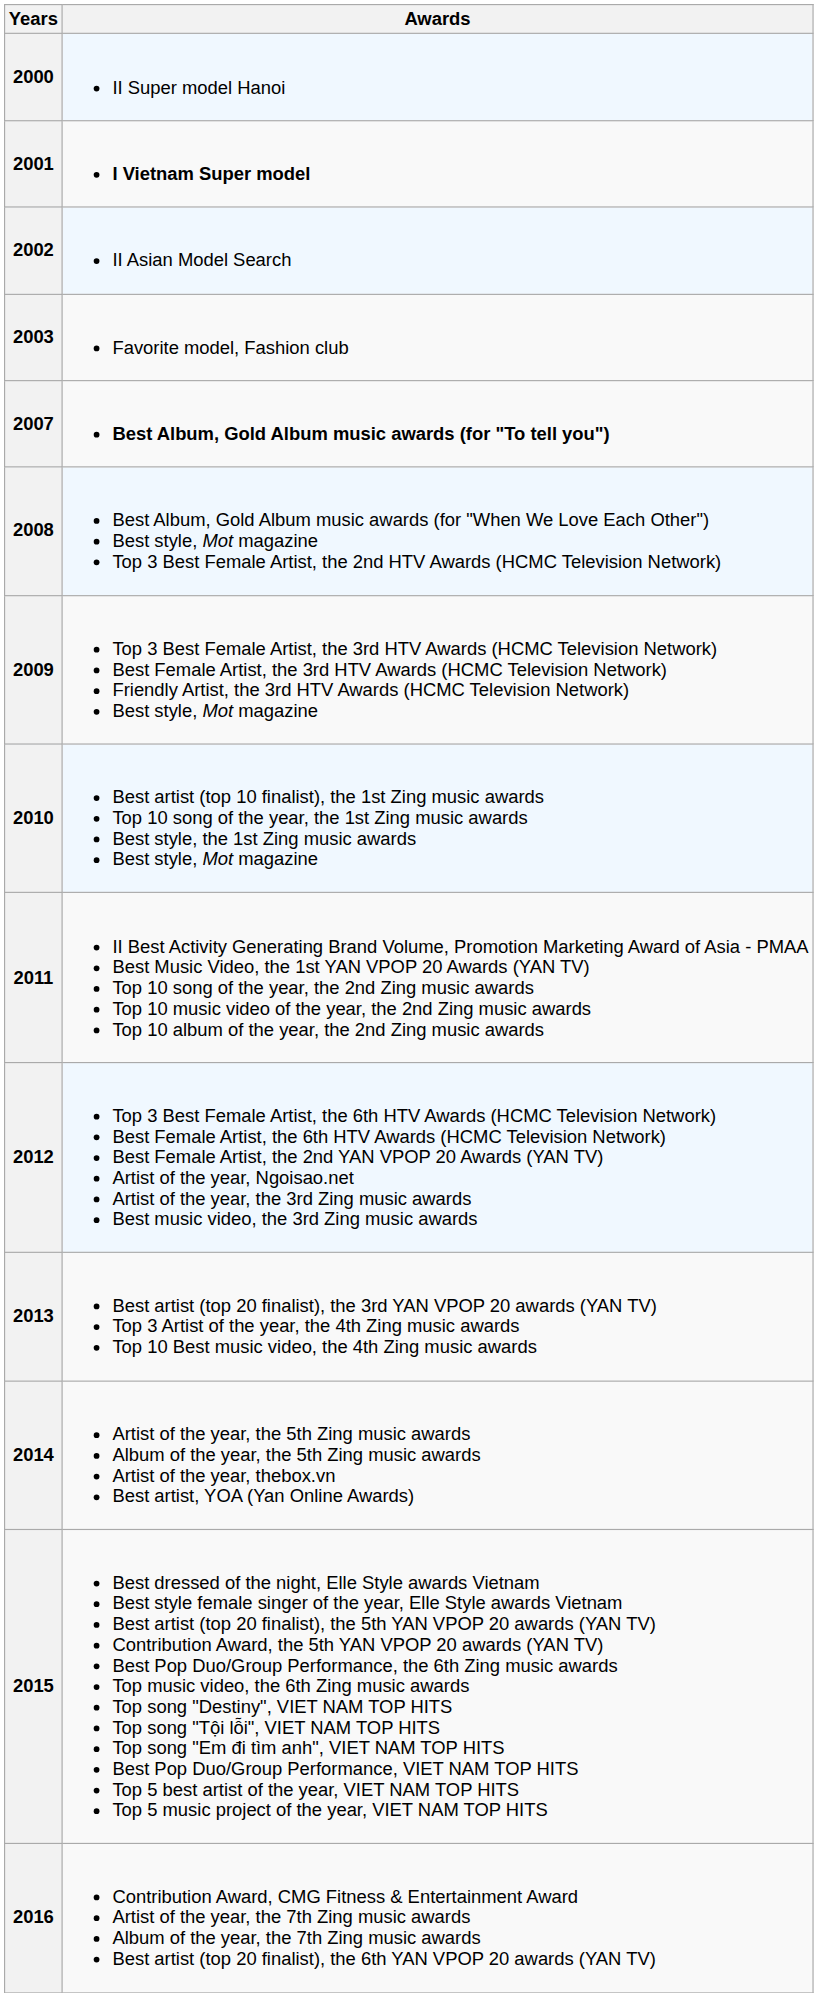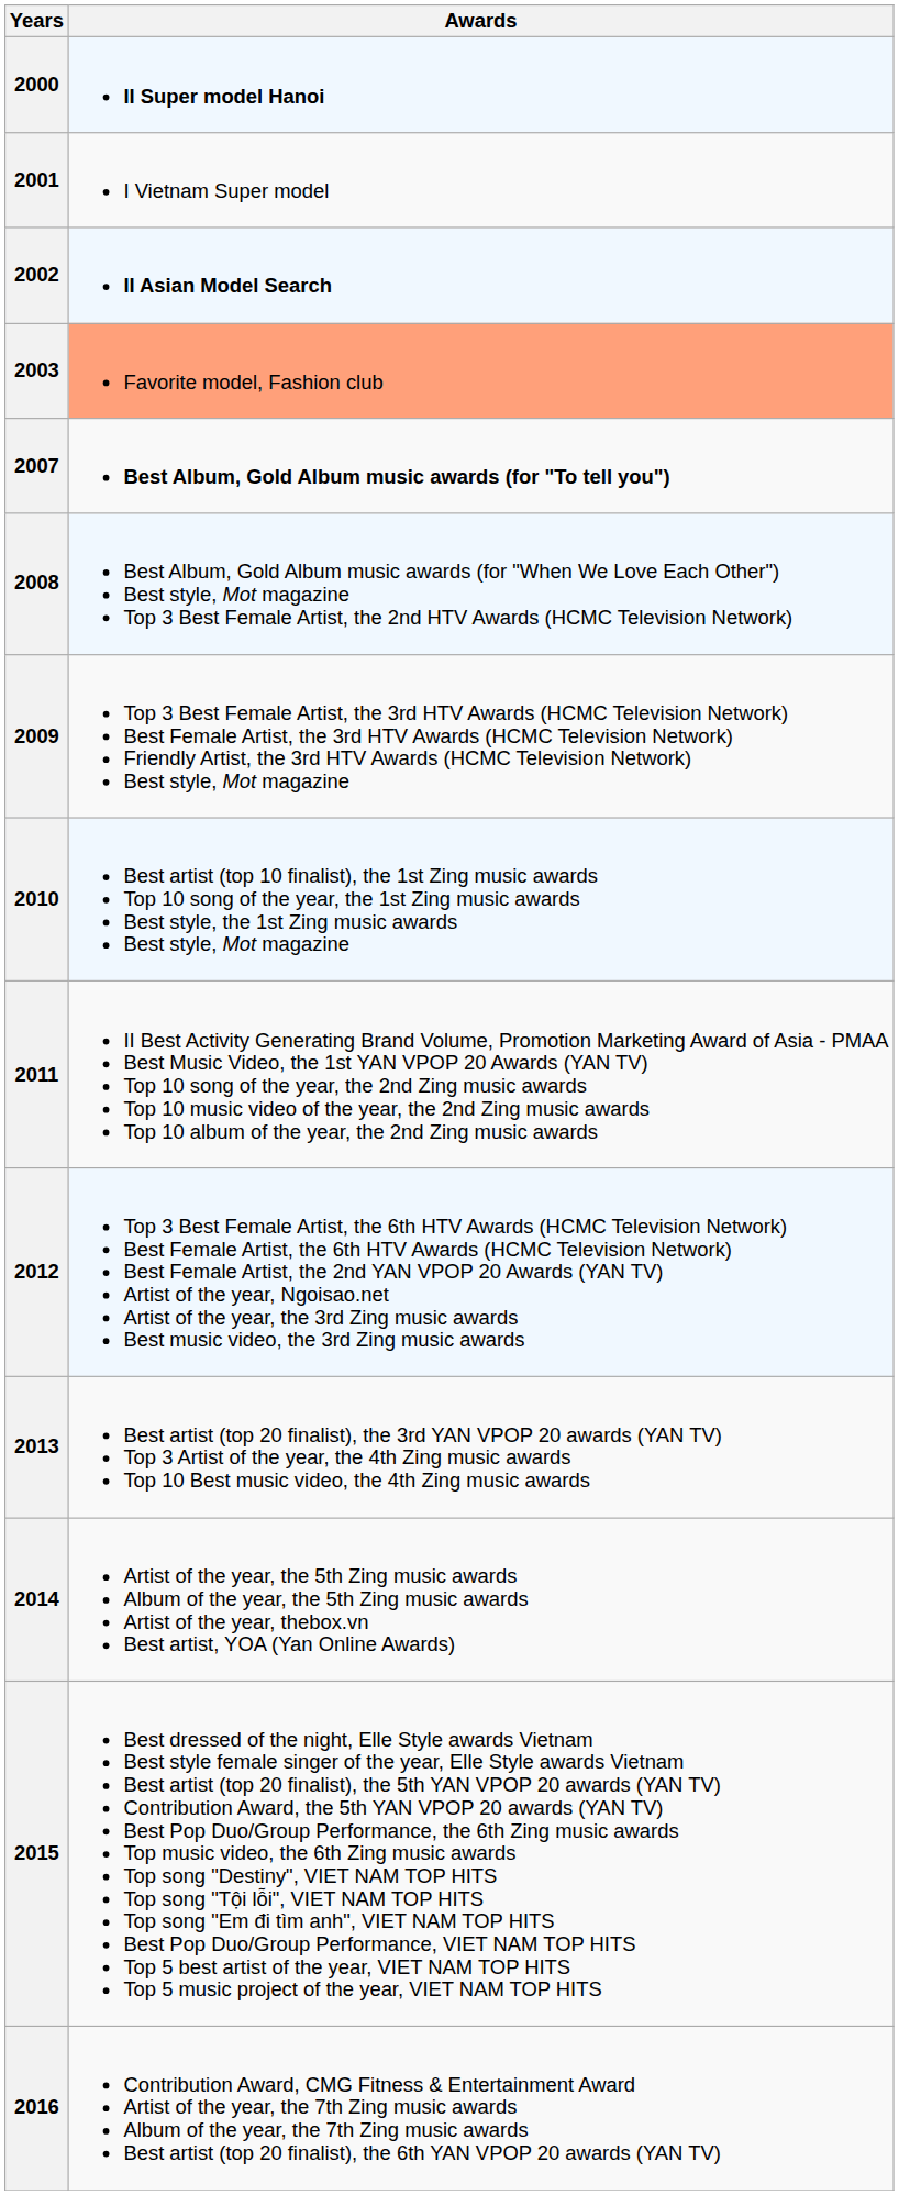 <table class="wikitable">
 <tr>
 <th align="left">Years</th>
 <th align="left">Awards</th>
 </tr>
 <tr style="background:#f0f8ff;">
 <th style="text-align:center;">2000</th>
-<td align="left"><br><ul><li>II Super model Hanoi</li></ul></td>
+<td align="left"><strong><br><ul><li>II Super model Hanoi</li></ul></strong></td>
 </tr>
 <tr>
 <th style="text-align:center;">2001</th>
-<td align="left"><strong><br><ul><li>I Vietnam Super model</li></ul></strong></td>
+<td align="left"><br><ul><li>I Vietnam Super model</li></ul></td>
 </tr>
 <tr style="background:#f0f8ff;">
 <th style="text-align:center;">2002</th>
-<td align="left"><br><ul><li>II Asian Model Search</li></ul></td>
+<td align="left"><strong><br><ul><li>II Asian Model Search</li></ul></strong></td>
 </tr>
 <tr>
 <th style="text-align:center;">2003</th>
-<td align="left"><br><ul><li>Favorite model, Fashion club</li></ul></td>
+<td align="left" style="background: lightsalmon;"><br><ul><li>Favorite model, Fashion club</li></ul></td>
 </tr>
 <tr>
 <th style="text-align:center;">2007</th>
 <td align="left"><strong><br><ul><li>Best Album, Gold Album music awards (for "To tell you")</li></ul></strong></td>
 </tr>
 <tr style="background:#f0f8ff;">
 <th style="text-align:center;">2008</th>
 <td align="left"><br><ul><li>Best Album, Gold Album music awards (for "When We Love Each Other")</li><li>Best style, <em>Mot</em> magazine</li><li>Top 3 Best Female Artist, the 2nd HTV Awards (HCMC Television Network)</li></ul></td>
 </tr>
 <tr>
 <th style="text-align:center;">2009</th>
 <td align="left"><br><ul><li>Top 3 Best Female Artist, the 3rd HTV Awards (HCMC Television Network)</li><li>Best Female Artist, the 3rd HTV Awards (HCMC Television Network)</li><li>Friendly Artist, the 3rd HTV Awards (HCMC Television Network)</li><li>Best style, <em>Mot</em> magazine</li></ul></td>
 </tr>
 <tr style="background:#f0f8ff;">
 <th style="text-align:center;">2010</th>
 <td align="left"><br><ul><li>Best artist (top 10 finalist), the 1st Zing music awards</li><li>Top 10 song of the year, the 1st Zing music awards</li><li>Best style, the 1st Zing music awards</li><li>Best style, <em>Mot</em> magazine</li></ul></td>
 </tr>
 <tr>
 <th style="text-align:center;">2011</th>
 <td align="left"><br><ul><li>II Best Activity Generating Brand Volume, Promotion Marketing Award of Asia - PMAA</li><li>Best Music Video, the 1st YAN VPOP 20 Awards (YAN TV)</li><li>Top 10 song of the year, the 2nd Zing music awards</li><li>Top 10 music video of the year, the 2nd Zing music awards</li><li>Top 10 album of the year, the 2nd Zing music awards</li></ul></td>
 </tr>
 <tr style="background:#f0f8ff;">
 <th style="text-align:center;">2012</th>
 <td align="left"><br><ul><li>Top 3 Best Female Artist, the 6th HTV Awards (HCMC Television Network)</li><li>Best Female Artist, the 6th HTV Awards (HCMC Television Network)</li><li>Best Female Artist, the 2nd YAN VPOP 20 Awards (YAN TV)</li><li>Artist of the year, Ngoisao.net</li><li>Artist of the year, the 3rd Zing music awards</li><li>Best music video, the 3rd Zing music awards</li></ul></td>
 </tr>
 <tr>
 <th style="text-align:center;">2013</th>
 <td align="left"><br><ul><li>Best artist (top 20 finalist), the 3rd YAN VPOP 20 awards (YAN TV)</li><li>Top 3 Artist of the year, the 4th Zing music awards</li><li>Top 10 Best music video, the 4th Zing music awards</li></ul></td>
 </tr>
 <tr>
 <th style="text-align:center;">2014</th>
 <td align="left"><br><ul><li>Artist of the year, the 5th Zing music awards</li><li>Album of the year, the 5th Zing music awards</li><li>Artist of the year, thebox.vn</li><li>Best artist, YOA (Yan Online Awards)</li></ul></td>
 </tr>
 <tr>
 <th style="text-align:center;">2015</th>
 <td align="left"><br><ul><li>Best dressed of the night, Elle Style awards Vietnam</li><li>Best style female singer of the year, Elle Style awards Vietnam</li><li>Best artist (top 20 finalist), the 5th YAN VPOP 20 awards (YAN TV)</li><li>Contribution Award, the 5th YAN VPOP 20 awards (YAN TV)</li><li>Best Pop Duo/Group Performance, the 6th Zing music awards</li><li>Top music video, the 6th Zing music awards</li><li>Top song "Destiny", VIET NAM TOP HITS</li><li>Top song "Tội lỗi", VIET NAM TOP HITS</li><li>Top song "Em đi tìm anh", VIET NAM TOP HITS</li><li>Best Pop Duo/Group Performance, VIET NAM TOP HITS</li><li>Top 5 best artist of the year, VIET NAM TOP HITS</li><li>Top 5 music project of the year, VIET NAM TOP HITS</li></ul></td>
 </tr>
 <tr>
 <th style="text-align:center;">2016</th>
 <td align="left"><br><ul><li>Contribution Award, CMG Fitness & Entertainment Award</li><li>Artist of the year, the 7th Zing music awards</li><li>Album of the year, the 7th Zing music awards</li><li>Best artist (top 20 finalist), the 6th YAN VPOP 20 awards (YAN TV)</li></ul></td>
 </tr>
 </table>
